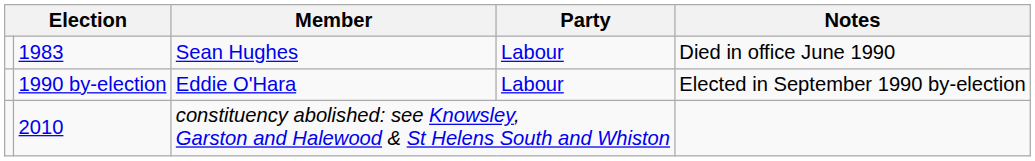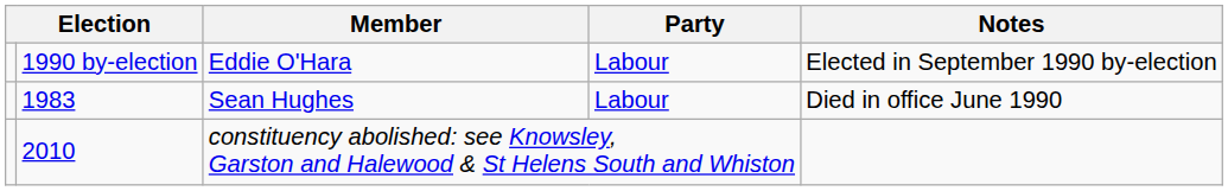 <table class="wikitable">
 <tr>
 <th colspan="2">Election</th>
 <th>Member</th>
 <th>Party</th>
 <th>Notes</th>
 </tr>
 <tr>
 <td style="color:inherit;background-color: "></td>
+<td><a href='#'>1990 by-election</a></td>
+<td><a href='#'>Eddie O'Hara</a></td>
+<td><a href='#'>Labour</a></td>
+<td>Elected in September 1990 by-election</td>
+</tr>
+<tr>
+<td style="color:inherit;background-color: "></td>
 <td><a href='#'>1983</a></td>
 <td><a href='#'>Sean Hughes</a></td>
 <td><a href='#'>Labour</a></td>
 <td>Died in office June 1990</td>
-</tr>
-<tr>
-<td style="color:inherit;background-color: "></td>
-<td><a href='#'>1990 by-election</a></td>
-<td><a href='#'>Eddie O'Hara</a></td>
-<td><a href='#'>Labour</a></td>
-<td>Elected in September 1990 by-election</td>
 </tr>
 <tr>
 <td></td>
 <td><a href='#'>2010</a></td>
 <td colspan="2"><em>constituency abolished: see <a href='#'>Knowsley</a>, <br><a href='#'>Garston and Halewood</a> & <a href='#'>St Helens South and Whiston</a></em></td>
 </tr>
 </table>
